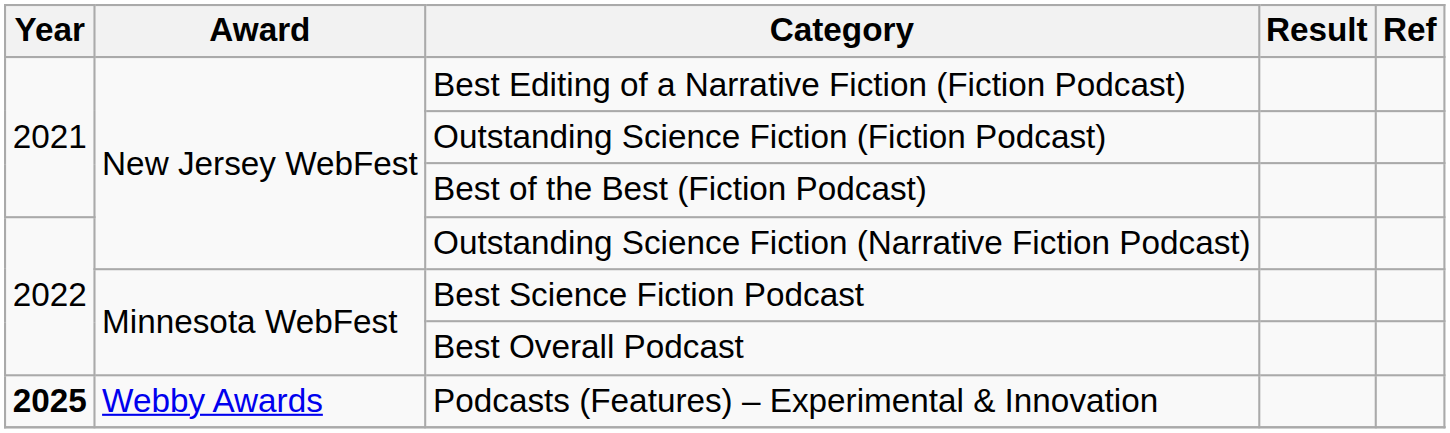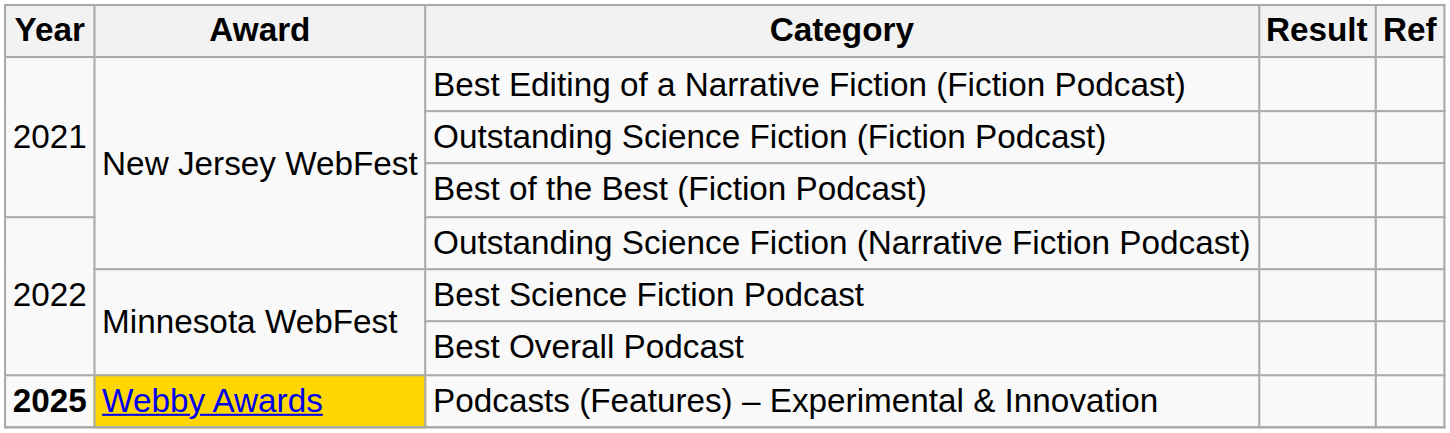 <table class="wikitable sortable">
 <tr>
 <th scope="col">Year</th>
 <th scope="col">Award</th>
 <th scope="col">Category</th>
 <th scope="col">Result</th>
 <th scope="col">Ref</th>
 </tr>
 <tr>
 <td rowspan="3">2021</td>
 <td rowspan="4">New Jersey WebFest</td>
 <td>Best Editing of a Narrative Fiction (Fiction Podcast)</td>
 <td></td>
 <td></td>
 </tr>
 <tr>
 <td>Outstanding Science Fiction (Fiction Podcast)</td>
 <td></td>
 <td></td>
 </tr>
 <tr>
 <td>Best of the Best (Fiction Podcast)</td>
 <td></td>
 <td></td>
 </tr>
 <tr>
 <td rowspan="3">2022</td>
 <td>Outstanding Science Fiction (Narrative Fiction Podcast)</td>
 <td></td>
 <td></td>
 </tr>
 <tr>
 <td rowspan="2">Minnesota WebFest</td>
 <td>Best Science Fiction Podcast</td>
 <td></td>
 <td></td>
 </tr>
 <tr>
 <td>Best Overall Podcast</td>
 <td></td>
 <td></td>
 </tr>
 <tr>
 <td><strong>2025</strong></td>
-<td><a href='#'>Webby Awards</a></td>
+<td style="background: gold;"><a href='#'>Webby Awards</a></td>
 <td>Podcasts (Features) – Experimental & Innovation</td>
 <td></td>
 <td></td>
 </tr>
 <tr>
 </tr>
 </table>
